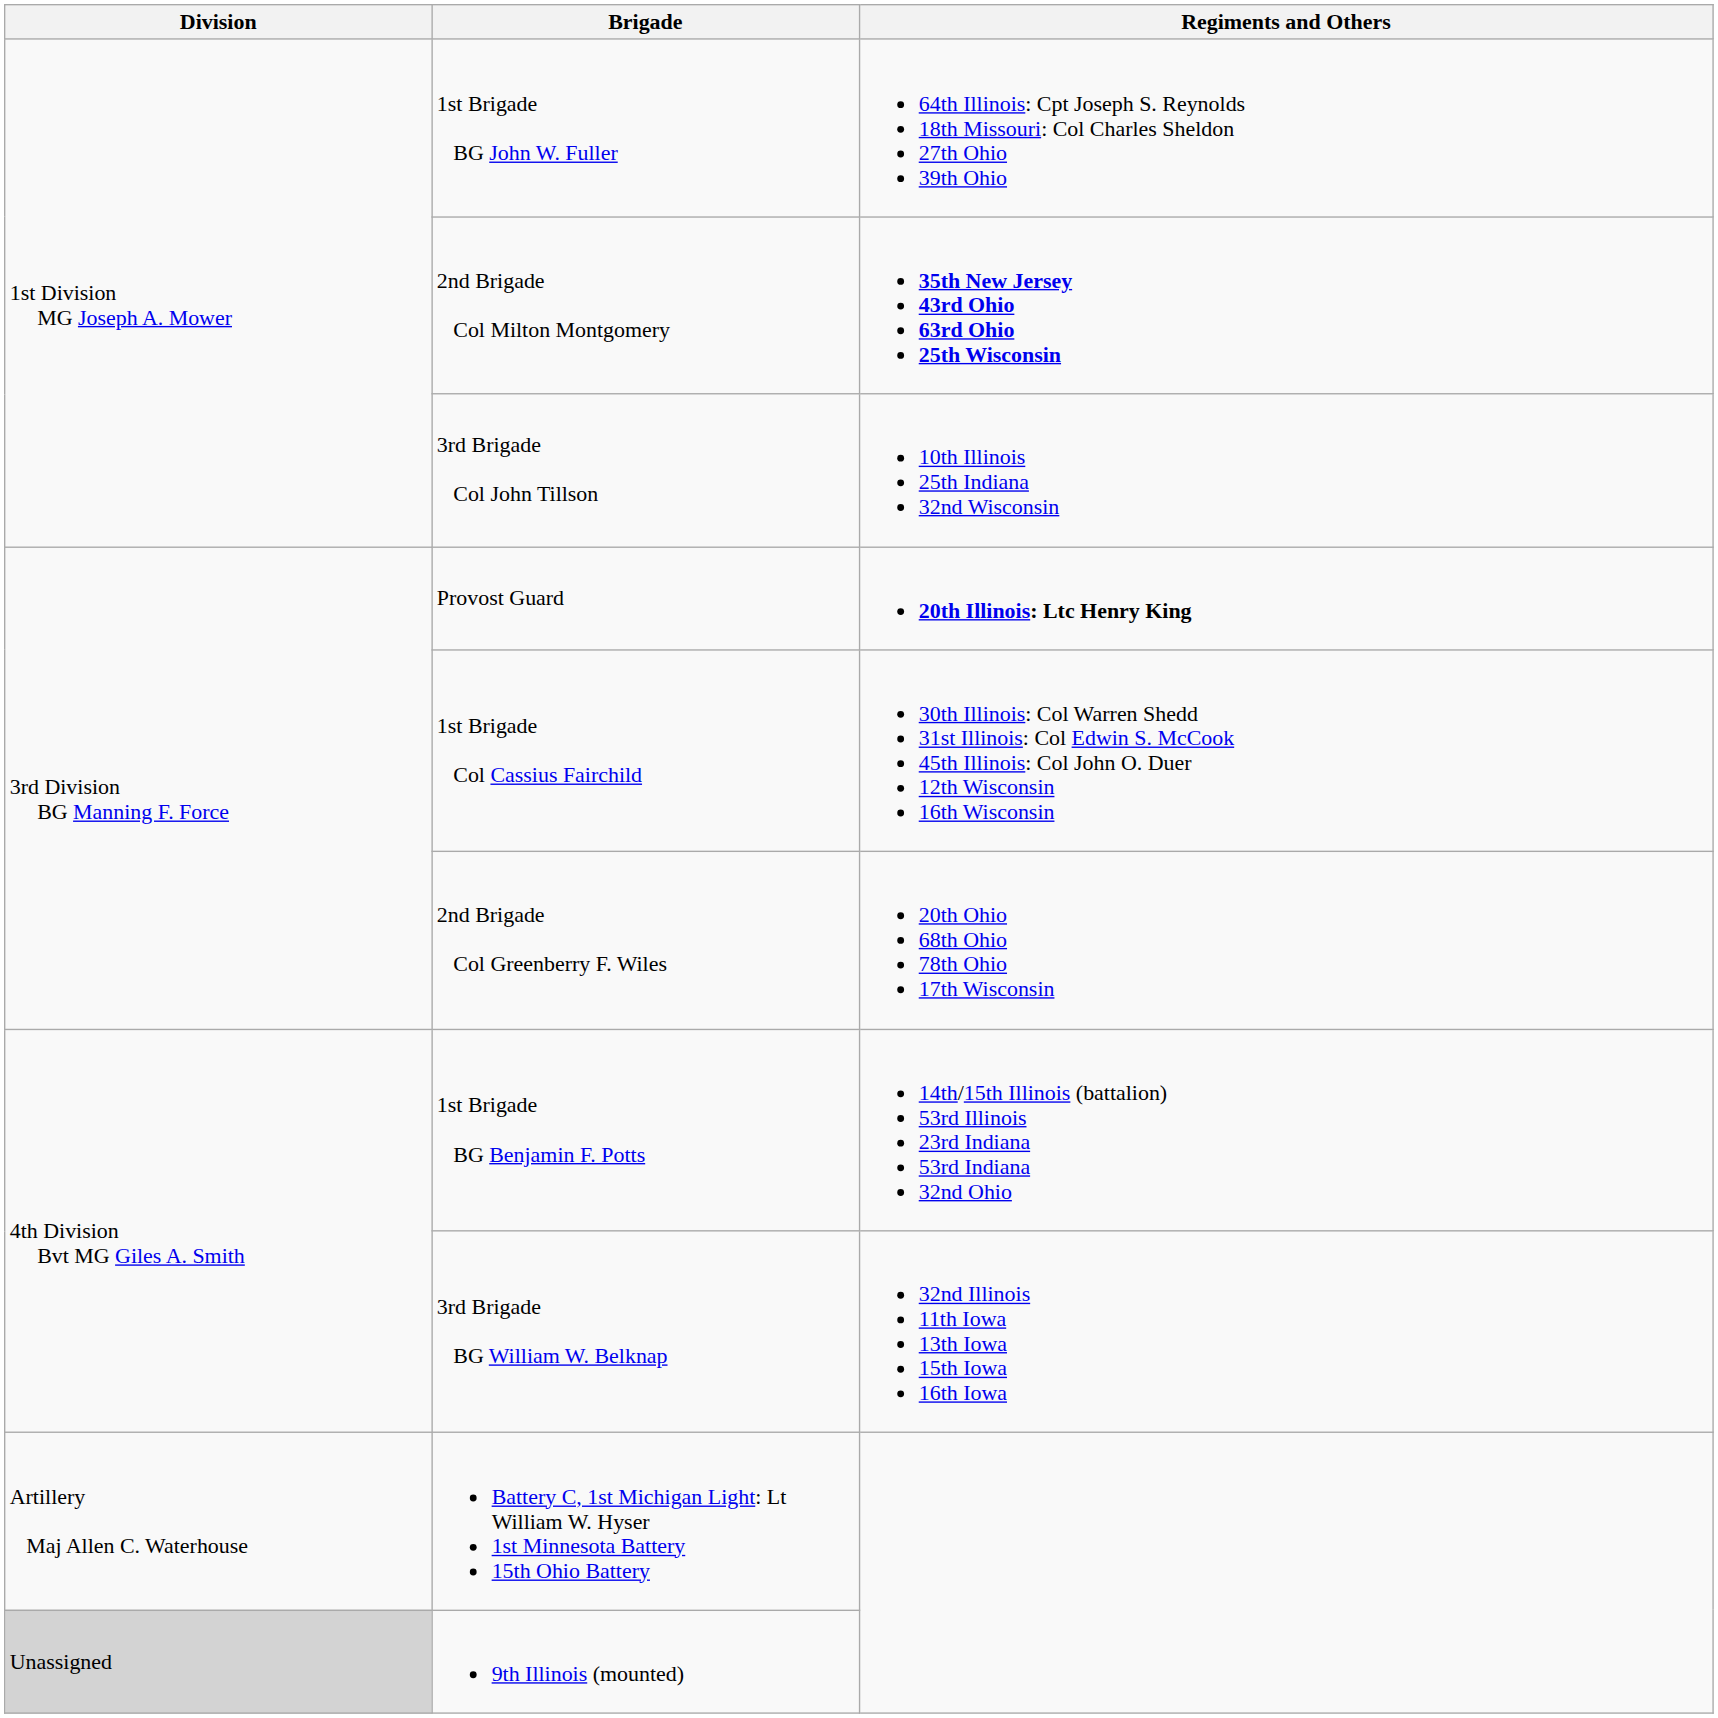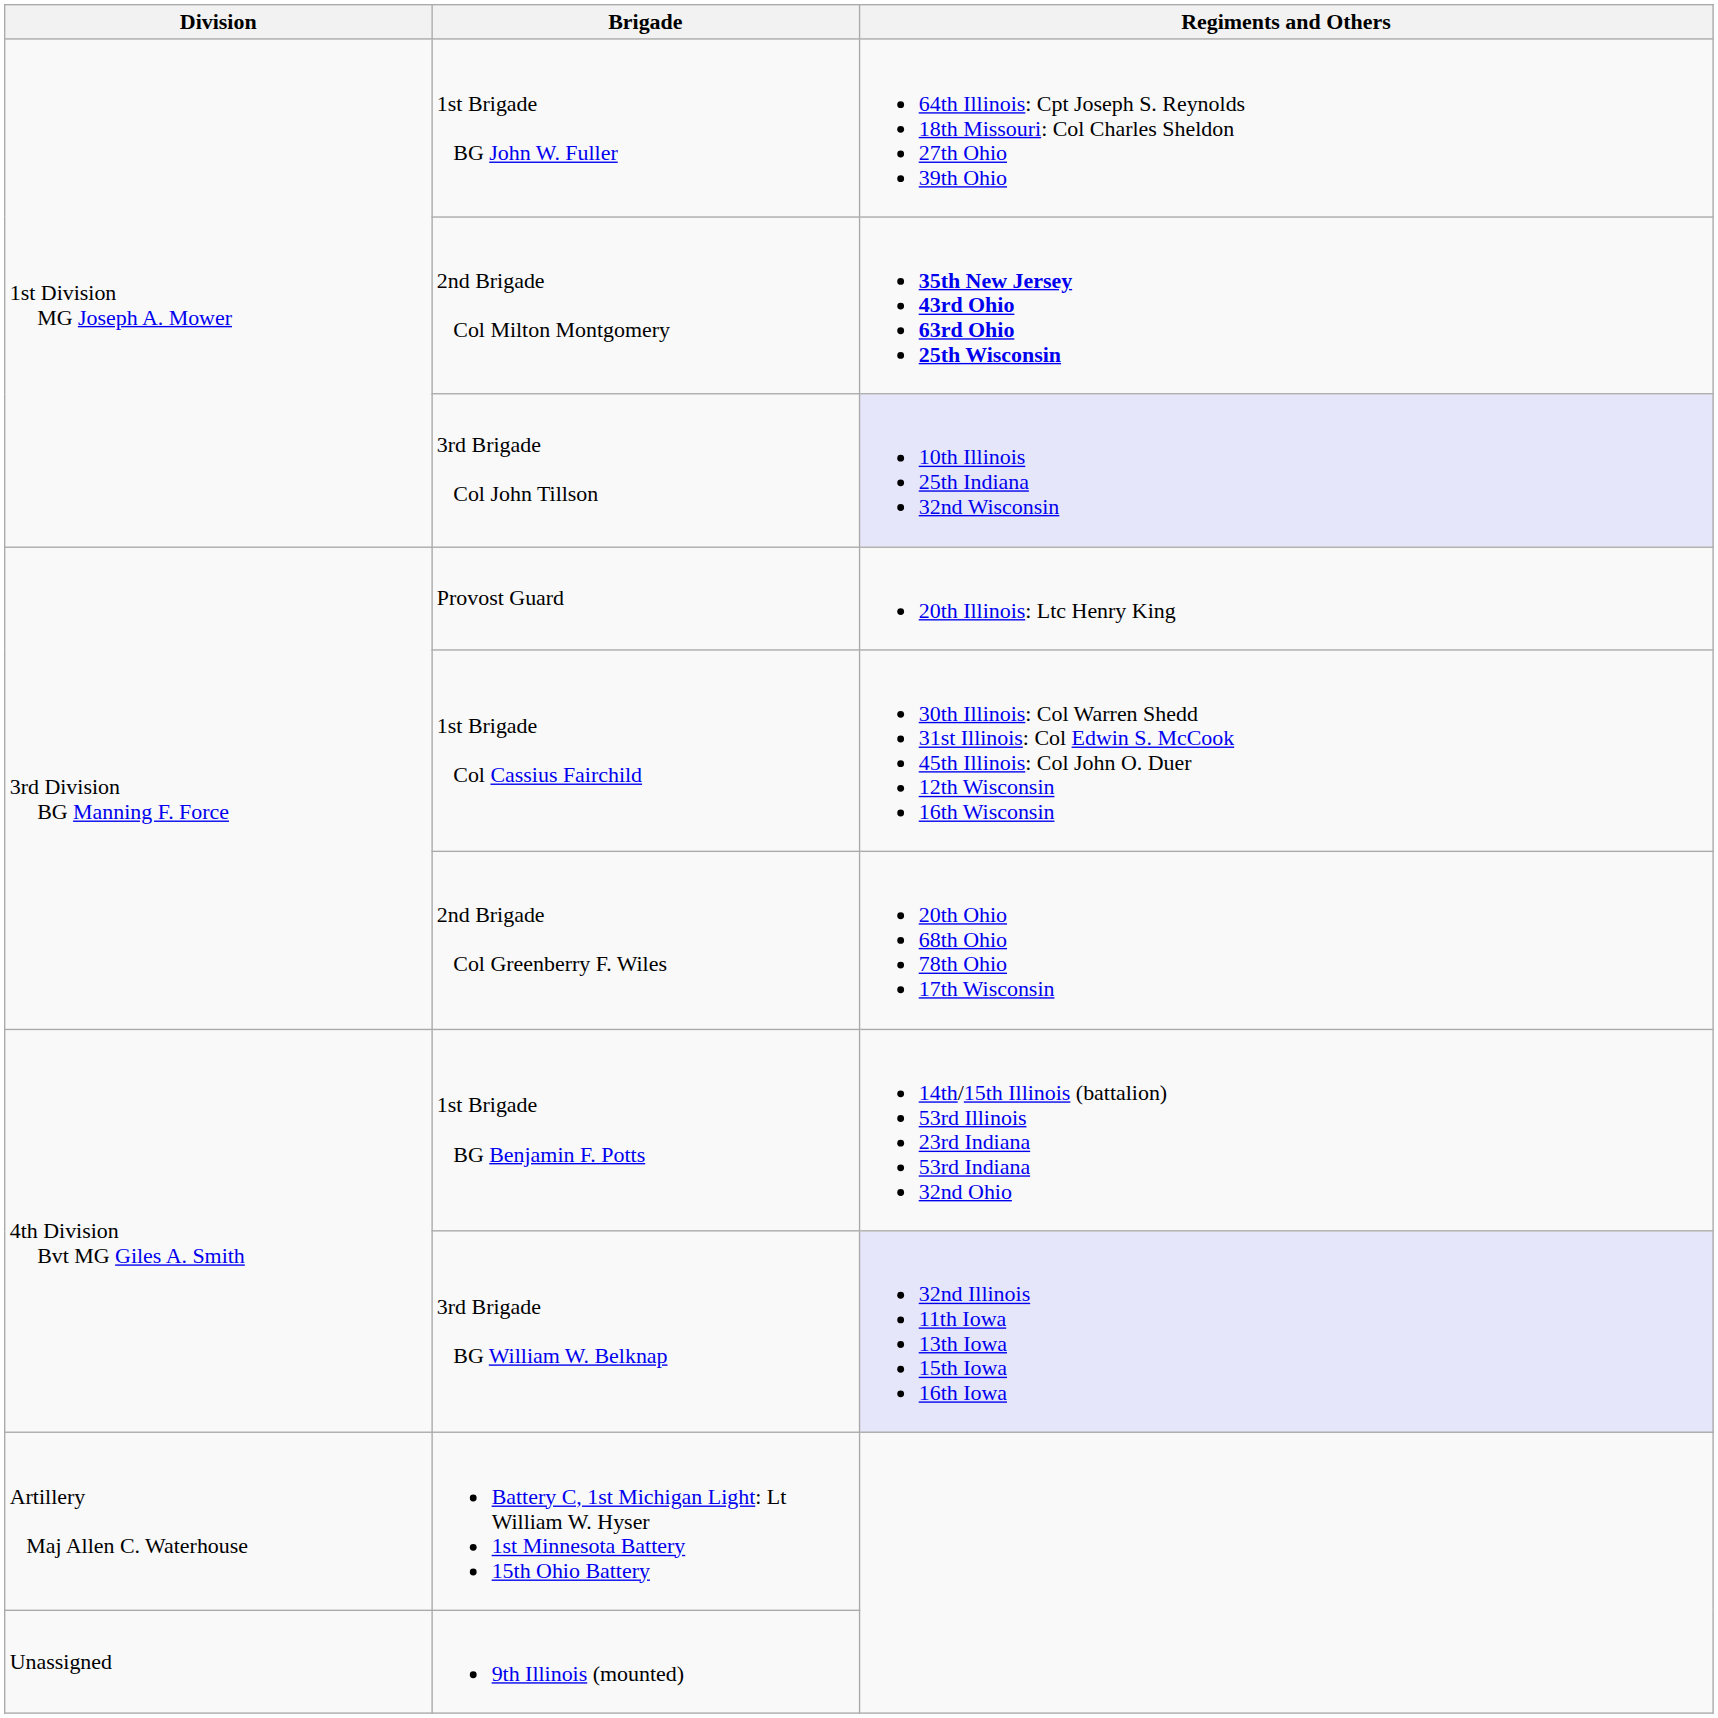 <table class="wikitable">
 <tr>
 <th width=25%>Division</th>
 <th width=25%>Brigade</th>
 <th>Regiments and Others</th>
 </tr>
 <tr>
 <td rowspan=3><br>1st Division <br>     MG <a href='#'>Joseph A. Mower</a></td>
 <td>1st Brigade<br><br>   BG <a href='#'>John W. Fuller</a></td>
 <td><br><ul><li><a href='#'>64th Illinois</a>: Cpt Joseph S. Reynolds</li><li><a href='#'>18th Missouri</a>: Col Charles Sheldon</li><li><a href='#'>27th Ohio</a></li><li><a href='#'>39th Ohio</a></li></ul></td>
 </tr>
 <tr>
 <td>2nd Brigade<br><br>   Col Milton Montgomery</td>
 <td><strong><br><ul><li><a href='#'>35th New Jersey</a></li><li><a href='#'>43rd Ohio</a></li><li><a href='#'>63rd Ohio</a></li><li><a href='#'>25th Wisconsin</a></li></ul></strong></td>
 </tr>
 <tr>
 <td>3rd Brigade<br><br>   Col John Tillson</td>
-<td><br><ul><li><a href='#'>10th Illinois</a></li><li><a href='#'>25th Indiana</a></li><li><a href='#'>32nd Wisconsin</a></li></ul></td>
+<td style="background: lavender;"><br><ul><li><a href='#'>10th Illinois</a></li><li><a href='#'>25th Indiana</a></li><li><a href='#'>32nd Wisconsin</a></li></ul></td>
 </tr>
 <tr>
 <td rowspan=3><br>3rd Division <br>     BG <a href='#'>Manning F. Force</a></td>
 <td>Provost Guard</td>
-<td><strong><br><ul><li><a href='#'>20th Illinois</a>: Ltc Henry King</li></ul></strong></td>
+<td><br><ul><li><a href='#'>20th Illinois</a>: Ltc Henry King</li></ul></td>
 </tr>
 <tr>
 <td>1st Brigade<br><br>   Col <a href='#'>Cassius Fairchild</a></td>
 <td><br><ul><li><a href='#'>30th Illinois</a>: Col Warren Shedd</li><li><a href='#'>31st Illinois</a>: Col <a href='#'>Edwin S. McCook</a></li><li><a href='#'>45th Illinois</a>: Col John O. Duer</li><li><a href='#'>12th Wisconsin</a></li><li><a href='#'>16th Wisconsin</a></li></ul></td>
 </tr>
 <tr>
 <td>2nd Brigade<br><br>   Col Greenberry F. Wiles</td>
 <td><br><ul><li><a href='#'>20th Ohio</a></li><li><a href='#'>68th Ohio</a></li><li><a href='#'>78th Ohio</a></li><li><a href='#'>17th Wisconsin</a></li></ul></td>
 </tr>
 <tr>
 <td rowspan=2><br>4th Division <br>     Bvt MG <a href='#'>Giles A. Smith</a></td>
 <td>1st Brigade<br><br>   BG <a href='#'>Benjamin F. Potts</a></td>
 <td><br><ul><li><a href='#'>14th</a>/<a href='#'>15th Illinois</a> (battalion)</li><li><a href='#'>53rd Illinois</a></li><li><a href='#'>23rd Indiana</a></li><li><a href='#'>53rd Indiana</a></li><li><a href='#'>32nd Ohio</a></li></ul></td>
 </tr>
 <tr>
 <td>3rd Brigade<br><br>   BG <a href='#'>William W. Belknap</a></td>
-<td><br><ul><li><a href='#'>32nd Illinois</a></li><li><a href='#'>11th Iowa</a></li><li><a href='#'>13th Iowa</a></li><li><a href='#'>15th Iowa</a></li><li><a href='#'>16th Iowa</a></li></ul></td>
+<td style="background: lavender;"><br><ul><li><a href='#'>32nd Illinois</a></li><li><a href='#'>11th Iowa</a></li><li><a href='#'>13th Iowa</a></li><li><a href='#'>15th Iowa</a></li><li><a href='#'>16th Iowa</a></li></ul></td>
 </tr>
 <tr>
 <td>Artillery<br><br>   Maj Allen C. Waterhouse</td>
 <td><br><ul><li><a href='#'>Battery C, 1st Michigan Light</a>: Lt William W. Hyser</li><li><a href='#'>1st Minnesota Battery</a></li><li><a href='#'>15th Ohio Battery</a></li></ul></td>
 </tr>
 <tr>
-<td style="background: lightgrey;">Unassigned</td>
+<td>Unassigned</td>
 <td><br><ul><li><a href='#'>9th Illinois</a> (mounted)</li></ul></td>
 </tr>
 </table>
